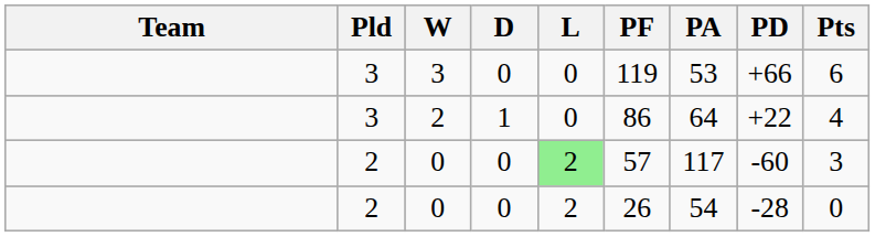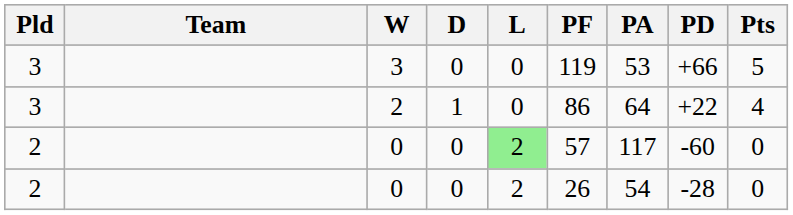 <table class=wikitable style="text-align:center">
 <tr>
+<th width=30>Pld</th>
 <th width=180>Team</th>
-<th width=30>Pld</th>
 <th width=30>W</th>
 <th width=30>D</th>
 <th width=30>L</th>
 <th width=30>PF</th>
 <th width=30>PA</th>
 <th width=30>PD</th>
 <th width=30>Pts</th>
 </tr>
 <tr>
+<td>3</td>
 <td style="text-align:left"></td>
-<td>3</td>
 <td>3</td>
 <td>0</td>
 <td>0</td>
 <td>119</td>
 <td>53</td>
 <td>+66</td>
-<td>6</td>
+<td>5</td>
 </tr>
 <tr>
+<td>3</td>
 <td style="text-align:left"></td>
-<td>3</td>
 <td>2</td>
 <td>1</td>
 <td>0</td>
 <td>86</td>
 <td>64</td>
 <td>+22</td>
 <td>4</td>
 </tr>
 <tr>
+<td>2</td>
 <td style="text-align:left"></td>
-<td>2</td>
 <td>0</td>
 <td>0</td>
 <td style="background: lightgreen;">2</td>
 <td>57</td>
 <td>117</td>
 <td>-60</td>
-<td>3</td>
+<td>0</td>
 </tr>
 <tr>
+<td>2</td>
 <td style="text-align:left"></td>
-<td>2</td>
 <td>0</td>
 <td>0</td>
 <td>2</td>
 <td>26</td>
 <td>54</td>
 <td>-28</td>
 <td>0</td>
 </tr>
 </table>
